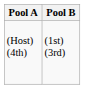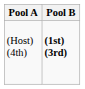 <table class="wikitable">
 <tr>
 <th width=45%>Pool A</th>
 <th width=45%>Pool B</th>
 </tr>
 <tr>
 <td valign=top><br> (Host)<br>  (4th)<br> <br> </td>
-<td valign=top><br> (1st)<br>  (3rd)<br> <br> <br> </td>
+<td valign=top><strong><br> (1st)<br>  (3rd)<br> <br> <br> </strong></td>
 </tr>
 </table>
